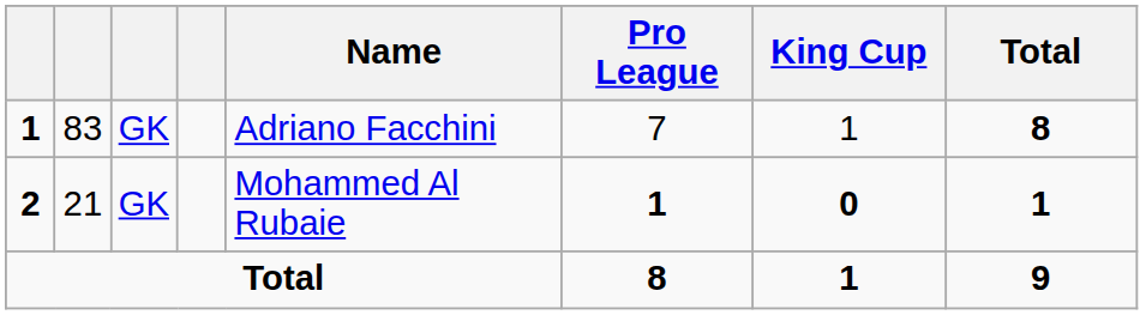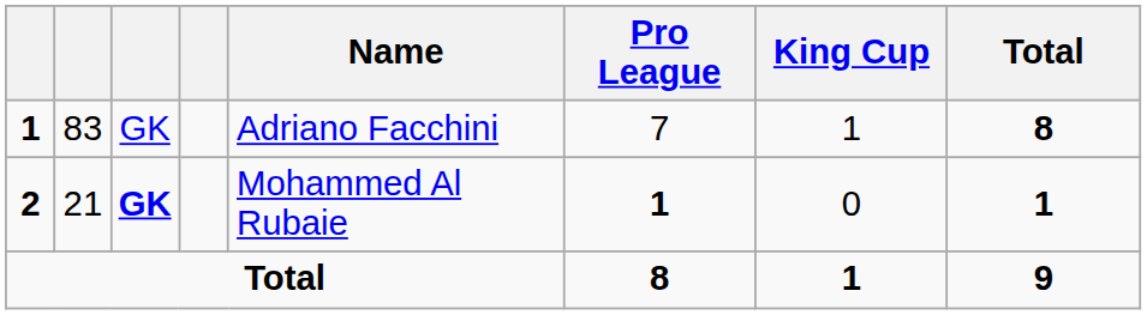 <table class="wikitable" style="text-align:center">
 <tr>
 <th width=15></th>
 <th width=15></th>
 <th width=15></th>
 <th width=15></th>
 <th width=145>Name</th>
 <th width=80><a href='#'>Pro League</a></th>
 <th width=80><a href='#'>King Cup</a></th>
 <th width=80>Total</th>
 </tr>
 <tr>
 <td><strong>1</strong></td>
 <td>83</td>
 <td><a href='#'>GK</a></td>
 <td></td>
 <td align=left><a href='#'>Adriano Facchini</a></td>
 <td>7</td>
 <td>1</td>
 <td><strong>8</strong></td>
 </tr>
 <tr>
 <td><strong>2</strong></td>
 <td>21</td>
-<td><a href='#'>GK</a></td>
+<td><strong><a href='#'>GK</a></strong></td>
 <td></td>
 <td align=left><a href='#'>Mohammed Al Rubaie</a></td>
 <td><strong>1</strong></td>
-<td><strong>0</strong></td>
+<td>0</td>
 <td><strong>1</strong></td>
 </tr>
 <tr>
 <td colspan=5><strong>Total</strong></td>
 <td><strong>8</strong></td>
 <td><strong>1</strong></td>
 <td><strong>9</strong></td>
 </tr>
 </table>
